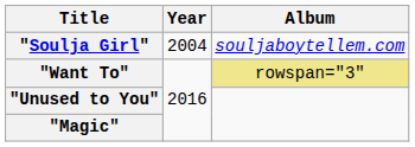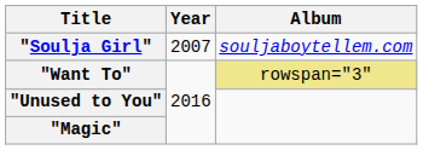 <table class="wikitable plainrowheaders" style="text-align:center;">
 <tr>
 <th scope="col">Title</th>
 <th scope="col">Year</th>
 <th scope="col">Album</th>
 </tr>
 <tr>
 <th scope="row">"<a href='#'>Soulja Girl</a>"<br></th>
-<td rowspan="1">2004</td>
+<td rowspan="1">2007</td>
 <td rowspan="1"><em><a href='#'>souljaboytellem.com</a></em></td>
 </tr>
 <tr>
 <th scope="row">"Want To"<br></th>
 <td rowspan="3">2016</td>
 <td style="background: khaki;">rowspan="3" </td>
 </tr>
 <tr>
 <th scope="row">"Unused to You"<br></th>
 </tr>
 <tr>
 <th scope="row">"Magic"<br></th>
 </tr>
 </table>
